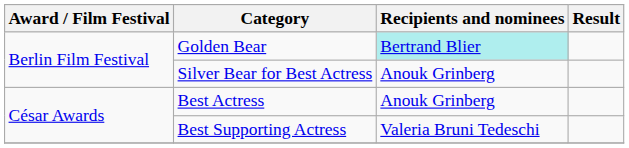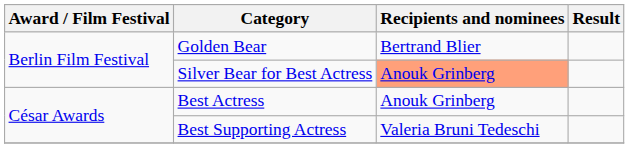 <table class="wikitable plainrowheaders sortable">
 <tr style="background:#ccc; text-align:center;">
 <th scope="col">Award / Film Festival</th>
 <th scope="col">Category</th>
 <th scope="col">Recipients and nominees</th>
 <th scope="col">Result</th>
 </tr>
 <tr>
 <td rowspan=2><a href='#'>Berlin Film Festival</a></td>
 <td><a href='#'>Golden Bear</a></td>
-<td style="background: paleturquoise;"><a href='#'>Bertrand Blier</a></td>
+<td><a href='#'>Bertrand Blier</a></td>
 <td></td>
 </tr>
 <tr>
 <td><a href='#'>Silver Bear for Best Actress</a></td>
-<td><a href='#'>Anouk Grinberg</a></td>
+<td style="background: lightsalmon;"><a href='#'>Anouk Grinberg</a></td>
 <td></td>
 </tr>
 <tr>
 <td rowspan=2><a href='#'>César Awards</a></td>
 <td><a href='#'>Best Actress</a></td>
 <td><a href='#'>Anouk Grinberg</a></td>
 <td></td>
 </tr>
 <tr>
 <td><a href='#'>Best Supporting Actress</a></td>
 <td><a href='#'>Valeria Bruni Tedeschi</a></td>
 <td></td>
 </tr>
 <tr>
 </tr>
 </table>
